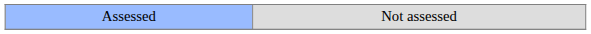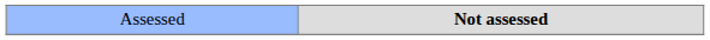 <table border=2 cellpadding=4 style="margin-left:auto;margin-right:auto;text-align:center;background:silver;border:1px solid gray;border-collapse:collapse;width:50%;font-size:100%;">
 <tr>
 </tr>
 <tr>
 <td style = "background:#99bbff">Assessed</td>
-<td style = "background:#ddd">Not assessed</td>
+<td style = "background:#ddd"><strong>Not assessed</strong></td>
 </tr>
 <tr>
 </tr>
 </table>
